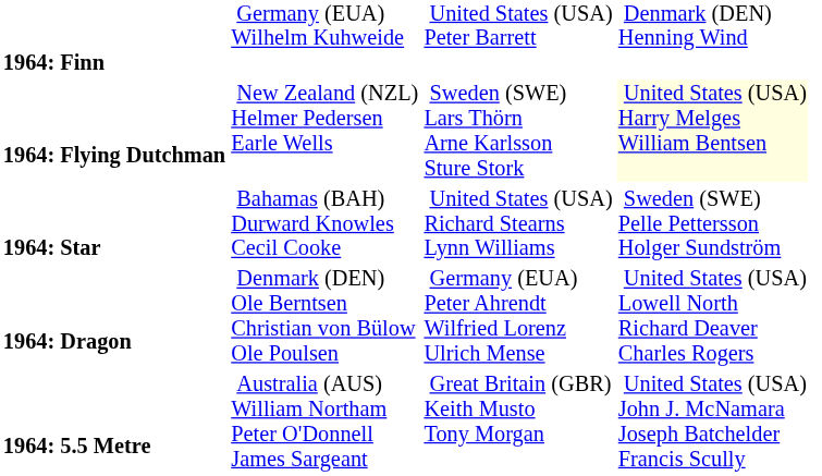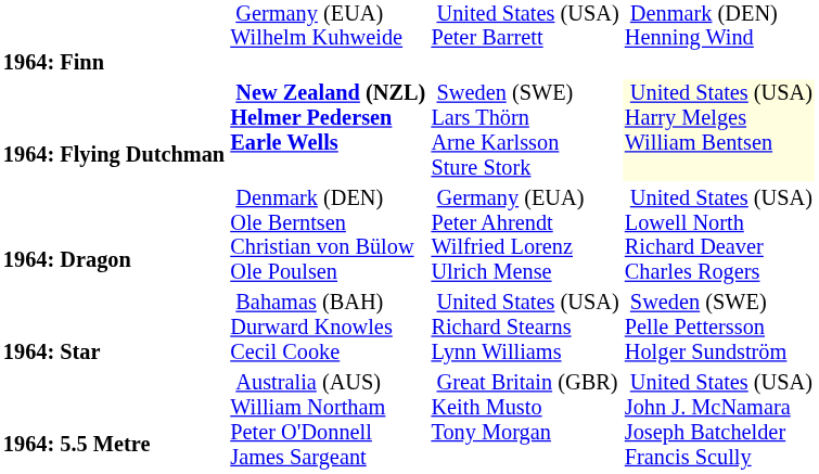 <table>
 <tr>
 <td style="align:center;"><br><br><strong>1964: Finn</strong> <br></td>
 <td style="vertical-align:top;"> <a href='#'>Germany</a> <span>(EUA)</span><br><a href='#'>Wilhelm Kuhweide</a></td>
 <td style="vertical-align:top;"> <a href='#'>United States</a> <span>(USA)</span><br><a href='#'>Peter Barrett</a></td>
 <td style="vertical-align:top;"> <a href='#'>Denmark</a> <span>(DEN)</span><br><a href='#'>Henning Wind</a></td>
 </tr>
 <tr>
 <td style="align:center;"><br><br><strong>1964: Flying Dutchman</strong> <br></td>
-<td style="vertical-align:top;"> <a href='#'>New Zealand</a> <span>(NZL)</span><br><a href='#'>Helmer Pedersen</a><br><a href='#'>Earle Wells</a></td>
+<td style="vertical-align:top;"><strong> <a href='#'>New Zealand</a> <span>(NZL)</span><br><a href='#'>Helmer Pedersen</a><br><a href='#'>Earle Wells</a></strong></td>
 <td style="vertical-align:top;"> <a href='#'>Sweden</a> <span>(SWE)</span><br><a href='#'>Lars Thörn</a><br><a href='#'>Arne Karlsson</a><br><a href='#'>Sture Stork</a></td>
 <td style="background: lightyellow; vertical-align:top;"> <a href='#'>United States</a> <span>(USA)</span><br><a href='#'>Harry Melges</a><br><a href='#'>William Bentsen</a></td>
+</tr>
+<tr>
+<td style="align:center;"><br><br><strong>1964: Dragon</strong> <br></td>
+<td style="vertical-align:top;"> <a href='#'>Denmark</a> <span>(DEN)</span><br><a href='#'>Ole Berntsen</a><br><a href='#'>Christian von Bülow</a><br><a href='#'>Ole Poulsen</a></td>
+<td style="vertical-align:top;"> <a href='#'>Germany</a> <span>(EUA)</span><br><a href='#'>Peter Ahrendt</a><br><a href='#'>Wilfried Lorenz</a><br><a href='#'>Ulrich Mense</a></td>
+<td style="vertical-align:top;"> <a href='#'>United States</a> <span>(USA)</span><br><a href='#'>Lowell North</a><br><a href='#'>Richard Deaver</a><br><a href='#'>Charles Rogers</a></td>
 </tr>
 <tr>
 <td style="align:center;"><br><br><strong>1964: Star</strong> <br></td>
 <td style="vertical-align:top;"> <a href='#'>Bahamas</a> <span>(BAH)</span><br><a href='#'>Durward Knowles</a><br><a href='#'>Cecil Cooke</a></td>
 <td style="vertical-align:top;"> <a href='#'>United States</a> <span>(USA)</span><br><a href='#'>Richard Stearns</a><br><a href='#'>Lynn Williams</a></td>
 <td style="vertical-align:top;"> <a href='#'>Sweden</a> <span>(SWE)</span><br><a href='#'>Pelle Pettersson</a><br><a href='#'>Holger Sundström</a></td>
 </tr>
 <tr>
-<td style="align:center;"><br><br><strong>1964: Dragon</strong> <br></td>
-<td style="vertical-align:top;"> <a href='#'>Denmark</a> <span>(DEN)</span><br><a href='#'>Ole Berntsen</a><br><a href='#'>Christian von Bülow</a><br><a href='#'>Ole Poulsen</a></td>
-<td style="vertical-align:top;"> <a href='#'>Germany</a> <span>(EUA)</span><br><a href='#'>Peter Ahrendt</a><br><a href='#'>Wilfried Lorenz</a><br><a href='#'>Ulrich Mense</a></td>
-<td style="vertical-align:top;"> <a href='#'>United States</a> <span>(USA)</span><br><a href='#'>Lowell North</a><br><a href='#'>Richard Deaver</a><br><a href='#'>Charles Rogers</a></td>
-</tr>
-<tr>
 <td style="align:center;"><br><br><strong>1964: 5.5 Metre</strong> <br></td>
 <td style="vertical-align:top;"> <a href='#'>Australia</a> <span>(AUS)</span><br><a href='#'>William Northam</a><br><a href='#'>Peter O'Donnell</a><br><a href='#'>James Sargeant</a></td>
 <td style="vertical-align:top;"> <a href='#'>Great Britain</a> <span>(GBR)</span><br><a href='#'>Keith Musto</a><br><a href='#'>Tony Morgan</a></td>
 <td style="vertical-align:top;"> <a href='#'>United States</a> <span>(USA)</span><br><a href='#'>John J. McNamara</a><br><a href='#'>Joseph Batchelder</a><br><a href='#'>Francis Scully</a></td>
 </tr>
 </table>
